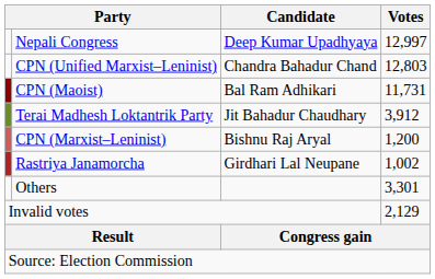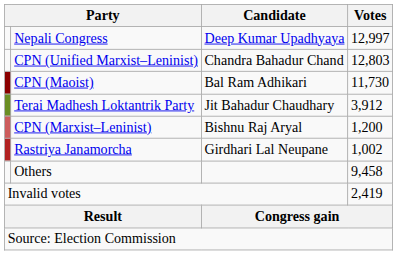 <table class="wikitable">
 <tr>
 <th colspan="2">Party</th>
 <th>Candidate</th>
 <th>Votes</th>
 </tr>
 <tr>
 <td style="background-color:"></td>
 <td><a href='#'>Nepali Congress</a></td>
 <td><a href='#'>Deep Kumar Upadhyaya</a></td>
 <td>12,997</td>
 </tr>
 <tr>
 <td style="background-color:"></td>
 <td><a href='#'>CPN (Unified Marxist–Leninist)</a></td>
 <td>Chandra Bahadur Chand</td>
 <td>12,803</td>
 </tr>
 <tr>
 <td style="background-color:darkred"></td>
 <td><a href='#'>CPN (Maoist)</a></td>
 <td>Bal Ram Adhikari</td>
-<td>11,731</td>
+<td>11,730</td>
 </tr>
 <tr>
 <td style="background-color:olivedrab"></td>
 <td><a href='#'>Terai Madhesh Loktantrik Party</a></td>
 <td>Jit Bahadur Chaudhary</td>
 <td>3,912</td>
 </tr>
 <tr>
 <td style="background-color:indianred"></td>
 <td><a href='#'>CPN (Marxist–Leninist)</a></td>
 <td>Bishnu Raj Aryal</td>
 <td>1,200</td>
 </tr>
 <tr>
 <td style="background-color:firebrick"></td>
 <td><a href='#'>Rastriya Janamorcha</a></td>
 <td>Girdhari Lal Neupane</td>
 <td>1,002</td>
 </tr>
 <tr>
 <td></td>
 <td>Others</td>
 <td></td>
-<td>3,301</td>
+<td>9,458</td>
 </tr>
 <tr>
 <td colspan="3">Invalid votes</td>
-<td>2,129</td>
+<td>2,419</td>
 </tr>
 <tr>
 <th colspan="2">Result</th>
 <th colspan="2">Congress gain</th>
 </tr>
 <tr>
 <td colspan="4">Source: Election Commission</td>
 </tr>
 </table>
